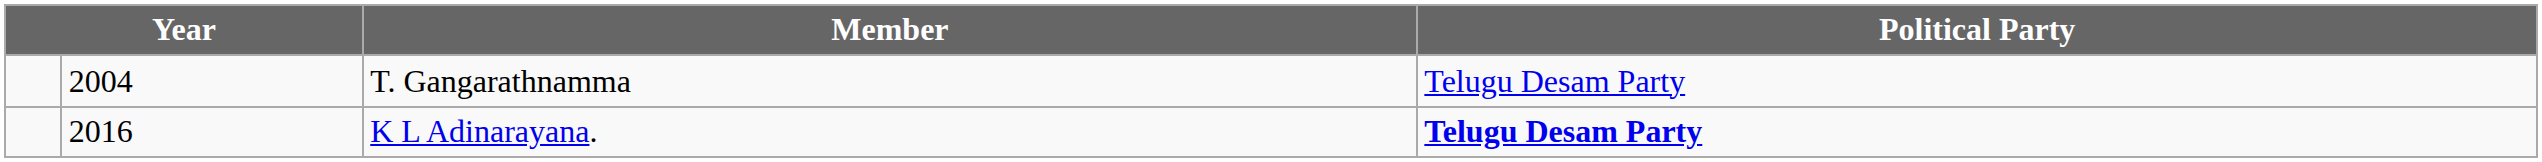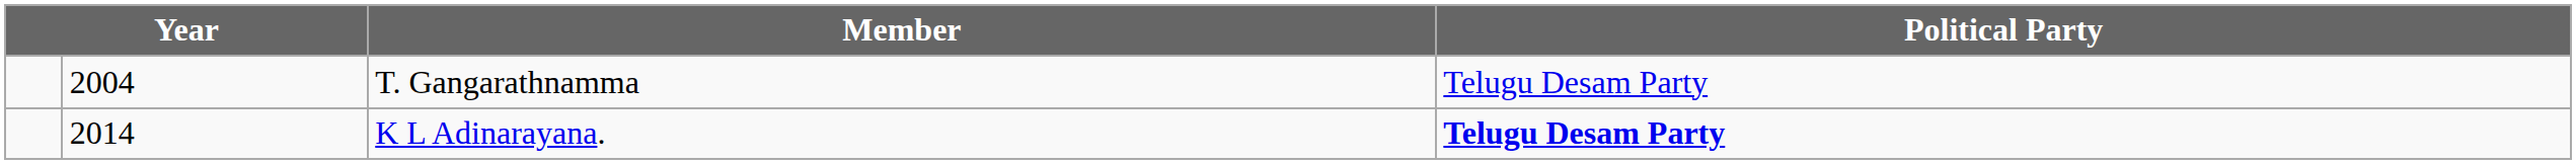 <table class="wikitable" width=80%>
 <tr>
 <th style="background-color:#666666; color:white" colspan="2">Year</th>
 <th style="background-color:#666666; color:white">Member</th>
 <th style="background-color:#666666; color:white">Political Party</th>
 </tr>
 <tr>
 <td style="background-color:"></td>
 <td>2004</td>
 <td>T. Gangarathnamma</td>
 <td><a href='#'>Telugu Desam Party</a></td>
 </tr>
 <tr>
 <td style="background-color: "></td>
-<td>2016</td>
+<td>2014</td>
 <td><a href='#'>K L Adinarayana</a>.</td>
 <td><strong><a href='#'>Telugu Desam Party</a></strong></td>
 </tr>
 <tr>
 </tr>
 </table>
